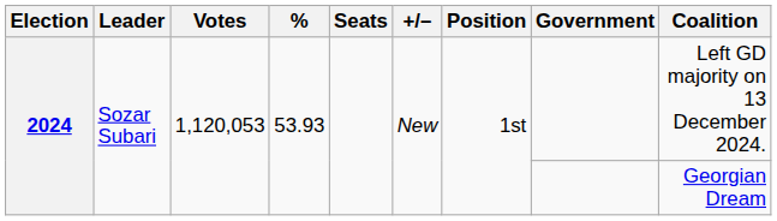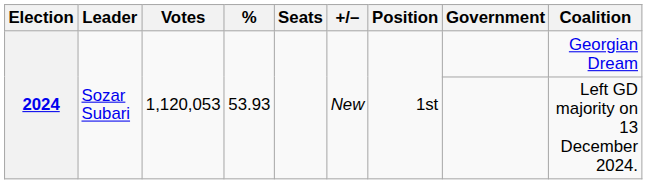 <table class="wikitable" style="text-align: right;">
 <tr>
 <th>Election</th>
 <th>Leader</th>
 <th>Votes</th>
 <th>%</th>
 <th>Seats</th>
 <th>+/–</th>
 <th>Position</th>
 <th>Government</th>
 <th>Coalition</th>
 </tr>
 <tr>
 <th rowspan="2"><a href='#'>2024</a></th>
 <td rowspan="2" align="left"><a href='#'>Sozar Subari</a></td>
 <td rowspan="2">1,120,053</td>
 <td rowspan="2">53.93</td>
 <td rowspan="2"></td>
 <td rowspan="2"><em>New</em></td>
 <td rowspan="2">1st</td>
 <td></td>
-<td>Left GD majority on 13 December 2024.</td>
+<td><a href='#'>Georgian Dream</a></td>
 </tr>
 <tr>
 <td></td>
-<td><a href='#'>Georgian Dream</a></td>
+<td>Left GD majority on 13 December 2024.</td>
 </tr>
 </table>
